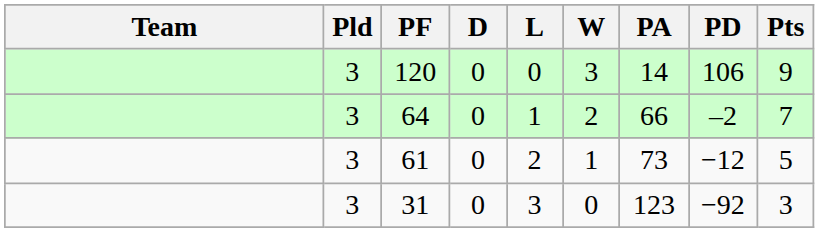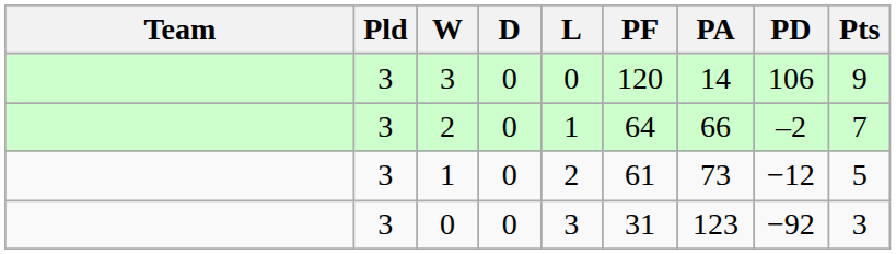 <table class="wikitable" style="text-align:center;">
 <tr>
 <th width=175>Team</th>
 <th width=25 abbr="Played">Pld</th>
-<th width=32 abbr="Points for">PF</th>
+<th width=25 abbr="Won">W</th>
 <th width=25 abbr="Drawn">D</th>
 <th width=25 abbr="Lost">L</th>
-<th width=25 abbr="Won">W</th>
+<th width=32 abbr="Points for">PF</th>
 <th width=32 abbr="Points against">PA</th>
 <th width=32 abbr="Points difference">PD</th>
 <th width=25 abbr="Points">Pts</th>
 </tr>
 <tr bgcolor="#ccffcc">
 <td align=left></td>
 <td>3</td>
-<td>120</td>
+<td>3</td>
 <td>0</td>
 <td>0</td>
-<td>3</td>
+<td>120</td>
 <td>14</td>
 <td>106</td>
 <td>9</td>
 </tr>
 <tr bgcolor="#ccffcc">
 <td align=left></td>
 <td>3</td>
-<td>64</td>
+<td>2</td>
 <td>0</td>
 <td>1</td>
-<td>2</td>
+<td>64</td>
 <td>66</td>
 <td>–2</td>
 <td>7</td>
 </tr>
 <tr>
 <td align=left></td>
 <td>3</td>
-<td>61</td>
+<td>1</td>
 <td>0</td>
 <td>2</td>
-<td>1</td>
+<td>61</td>
 <td>73</td>
 <td>−12</td>
 <td>5</td>
 </tr>
 <tr>
 <td align=left></td>
 <td>3</td>
-<td>31</td>
+<td>0</td>
 <td>0</td>
 <td>3</td>
-<td>0</td>
+<td>31</td>
 <td>123</td>
 <td>−92</td>
 <td>3</td>
 </tr>
 </table>
